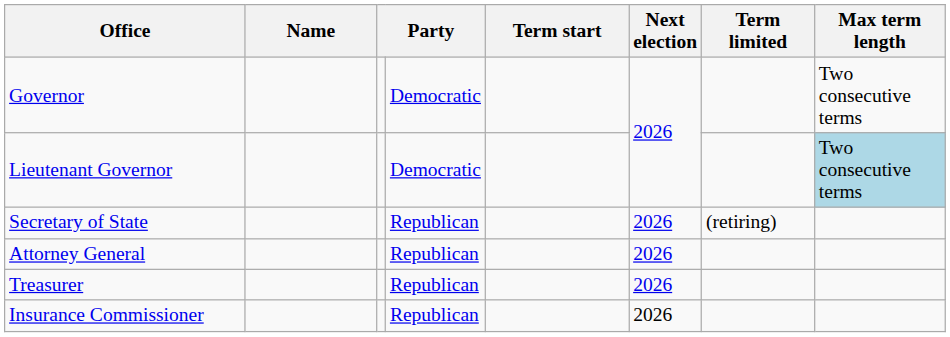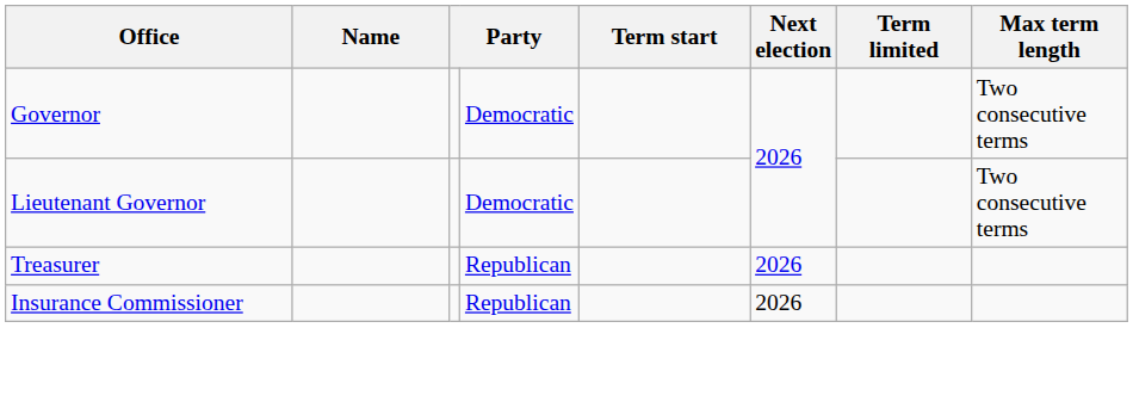 <table class="sortable wikitable">
 <tr>
 <th scope="col" width=190>Office</th>
 <th scope="col" width=100>Name</th>
 <th scope="col" width=75 colspan=2>Party</th>
 <th scope="col" width=110>Term start</th>
 <th scope="col" width=50>Next election</th>
 <th scope="col" width=85>Term limited</th>
 <th scope="col" width=100>Max term length</th>
 </tr>
 <tr>
 <td><a href='#'>Governor</a></td>
 <td></td>
 <td style="background-color:"></td>
 <td><a href='#'>Democratic</a></td>
 <td></td>
 <td rowspan=2><a href='#'>2026</a></td>
 <td></td>
 <td>Two consecutive terms</td>
 </tr>
 <tr>
 <td><a href='#'>Lieutenant Governor</a></td>
 <td></td>
 <td style="background-color:"></td>
 <td><a href='#'>Democratic</a></td>
 <td></td>
 <td></td>
-<td style="background: lightblue;">Two consecutive terms</td>
-</tr>
-<tr>
-<td><a href='#'>Secretary of State</a></td>
-<td></td>
-<td style="background-color:"></td>
-<td><a href='#'>Republican</a></td>
-<td></td>
-<td><a href='#'>2026</a></td>
-<td> (retiring)</td>
-<td></td>
-</tr>
-<tr>
-<td><a href='#'>Attorney General</a></td>
-<td></td>
-<td style="background-color:"></td>
-<td><a href='#'>Republican</a></td>
-<td></td>
-<td><a href='#'>2026</a></td>
-<td></td>
-<td></td>
+<td>Two consecutive terms</td>
 </tr>
 <tr>
 <td><a href='#'>Treasurer</a></td>
 <td></td>
 <td style="background-color:"></td>
 <td><a href='#'>Republican</a></td>
 <td></td>
 <td><a href='#'>2026</a></td>
 <td></td>
 <td></td>
 </tr>
 <tr>
 <td><a href='#'>Insurance Commissioner</a></td>
 <td></td>
 <td style="background-color:"></td>
 <td><a href='#'>Republican</a></td>
 <td></td>
 <td>2026</td>
 <td></td>
 <td></td>
 </tr>
 </table>
